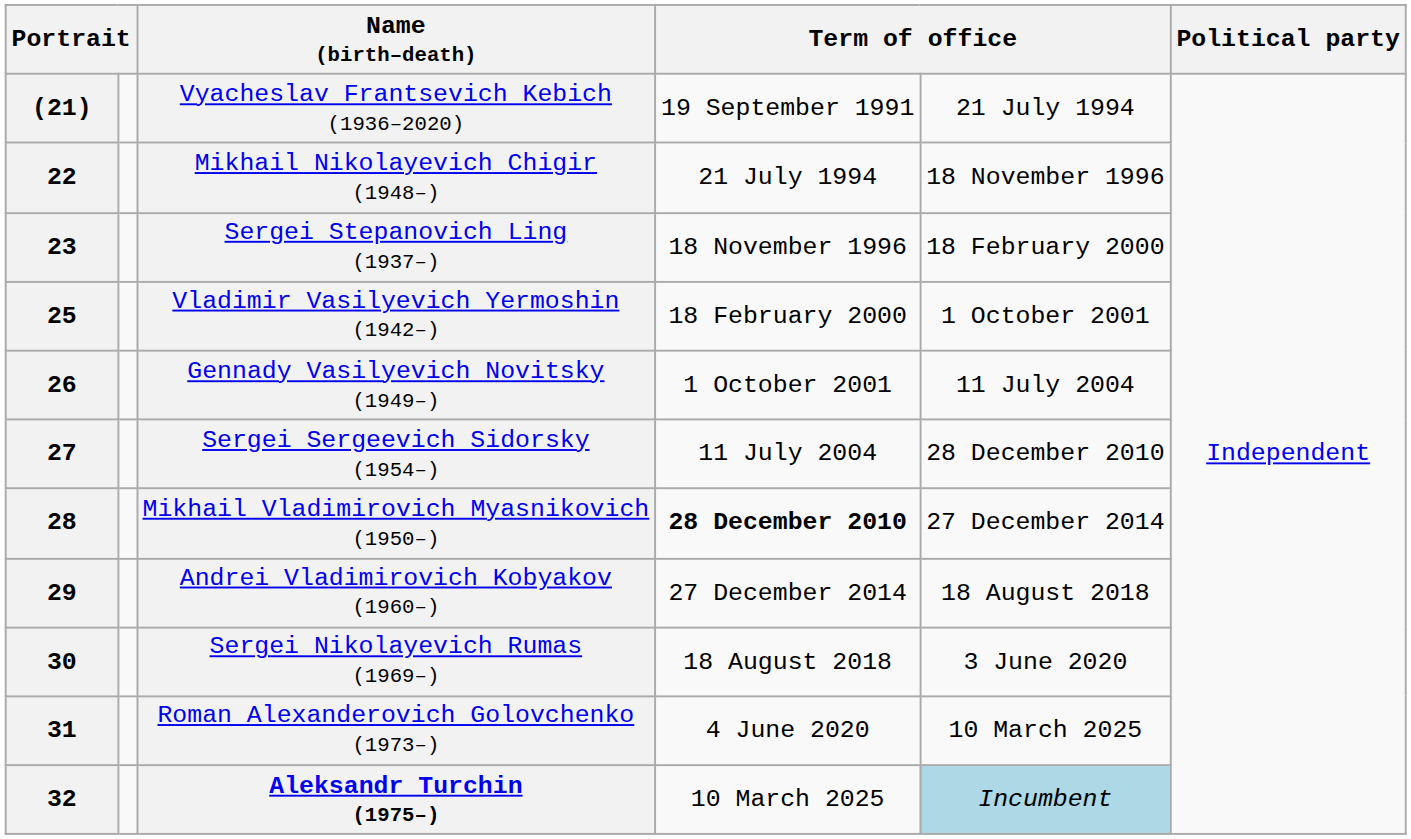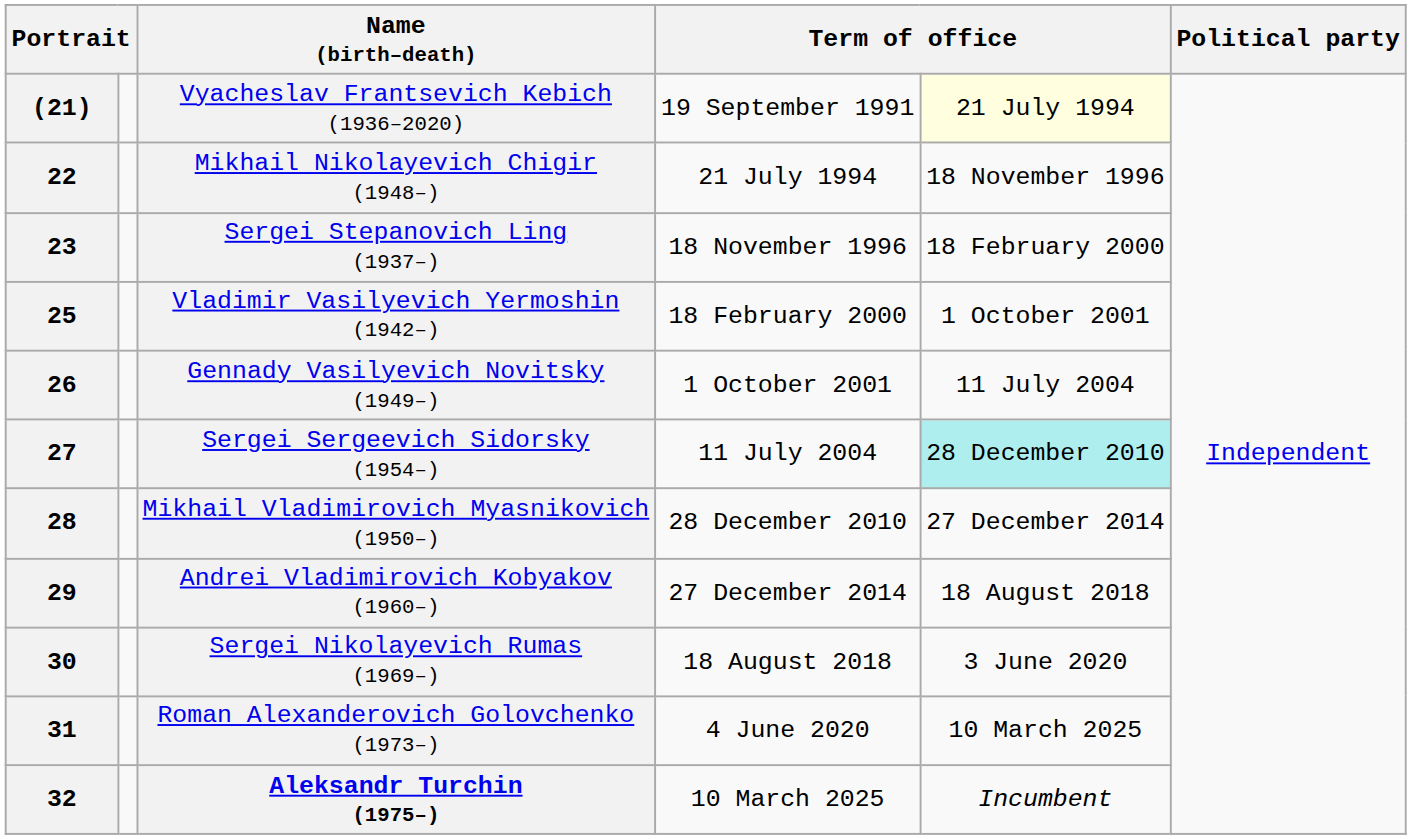 <table class="wikitable" style="text-align:center; margin-left: auto; margin-right: auto; border: none;">
 <tr>
 <th colspan=2>Portrait</th>
 <th>Name<br><small>(birth–death)</small></th>
 <th colspan="2">Term of office</th>
 <th>Political party</th>
 </tr>
 <tr>
 <th style="text-align:center; background: ">(21)</th>
 <td></td>
 <th scope="row" style="font-weight:normal;"><a href='#'>Vyacheslav Frantsevich Kebich</a><br><small>(1936–2020)</small></th>
 <td>19 September 1991</td>
-<td>21 July 1994</td>
+<td style="background: lightyellow;">21 July 1994</td>
 <td rowspan="11"><a href='#'>Independent</a></td>
 </tr>
 <tr>
 <th style="text-align:center; background: ">22</th>
 <td></td>
 <th scope="row" style="font-weight:normal;"><a href='#'>Mikhail Nikolayevich Chigir</a><br><small>(1948–)</small></th>
 <td>21 July 1994</td>
 <td>18 November 1996</td>
 </tr>
 <tr>
 <th style="text-align:center; background: ">23</th>
 <td></td>
 <th scope="row" style="font-weight:normal;"><a href='#'>Sergei Stepanovich Ling</a><br><small>(1937–)</small></th>
 <td>18 November 1996</td>
 <td>18 February 2000</td>
 </tr>
 <tr>
 <th style="text-align:center; background: ">25</th>
 <td></td>
 <th scope="row" style="font-weight:normal;"><a href='#'>Vladimir Vasilyevich Yermoshin</a><br><small>(1942–)</small></th>
 <td>18 February 2000</td>
 <td>1 October 2001</td>
 </tr>
 <tr>
 <th style="text-align:center; background: ">26</th>
 <td></td>
 <th scope="row" style="font-weight:normal;"><a href='#'>Gennady Vasilyevich Novitsky</a><br><small>(1949–)</small></th>
 <td>1 October 2001</td>
 <td>11 July 2004</td>
 </tr>
 <tr>
 <th style="text-align:center; background: ">27</th>
 <td></td>
 <th scope="row" style="font-weight:normal;"><a href='#'>Sergei Sergeevich Sidorsky</a><br><small>(1954–)</small></th>
 <td>11 July 2004</td>
-<td>28 December 2010</td>
+<td style="background: paleturquoise;">28 December 2010</td>
 </tr>
 <tr>
 <th style="text-align:center; background: ">28</th>
 <td></td>
 <th scope="row" style="font-weight:normal;"><a href='#'>Mikhail Vladimirovich Myasnikovich</a><br><small>(1950–)</small></th>
-<td><strong>28 December 2010</strong></td>
+<td>28 December 2010</td>
 <td>27 December 2014</td>
 </tr>
 <tr>
 <th style="text-align:center; background: ">29</th>
 <td></td>
 <th scope="row" style="font-weight:normal;"><a href='#'>Andrei Vladimirovich Kobyakov</a><br><small>(1960–)</small></th>
 <td>27 December 2014</td>
 <td>18 August 2018</td>
 </tr>
 <tr>
 <th style="text-align:center; background: ">30</th>
 <td></td>
 <th scope="row" style="font-weight:normal;"><a href='#'>Sergei Nikolayevich Rumas</a><br><small>(1969–)</small></th>
 <td>18 August 2018</td>
 <td>3 June 2020</td>
 </tr>
 <tr>
 <th style="text-align:center; background: ">31</th>
 <td></td>
 <th scope="row" style="font-weight:normal;"><a href='#'>Roman  Alexanderovich Golovchenko</a><br><small>(1973–)</small></th>
 <td>4 June 2020</td>
 <td>10 March 2025</td>
 </tr>
 <tr>
 <th style="text-align:center; background: ">32</th>
 <td></td>
 <th><a href='#'>Aleksandr Turchin</a><br><small>(1975–)</small></th>
 <td>10 March 2025</td>
-<td style="background: lightblue;"><em>Incumbent</em></td>
+<td><em>Incumbent</em></td>
 </tr>
 </table>
